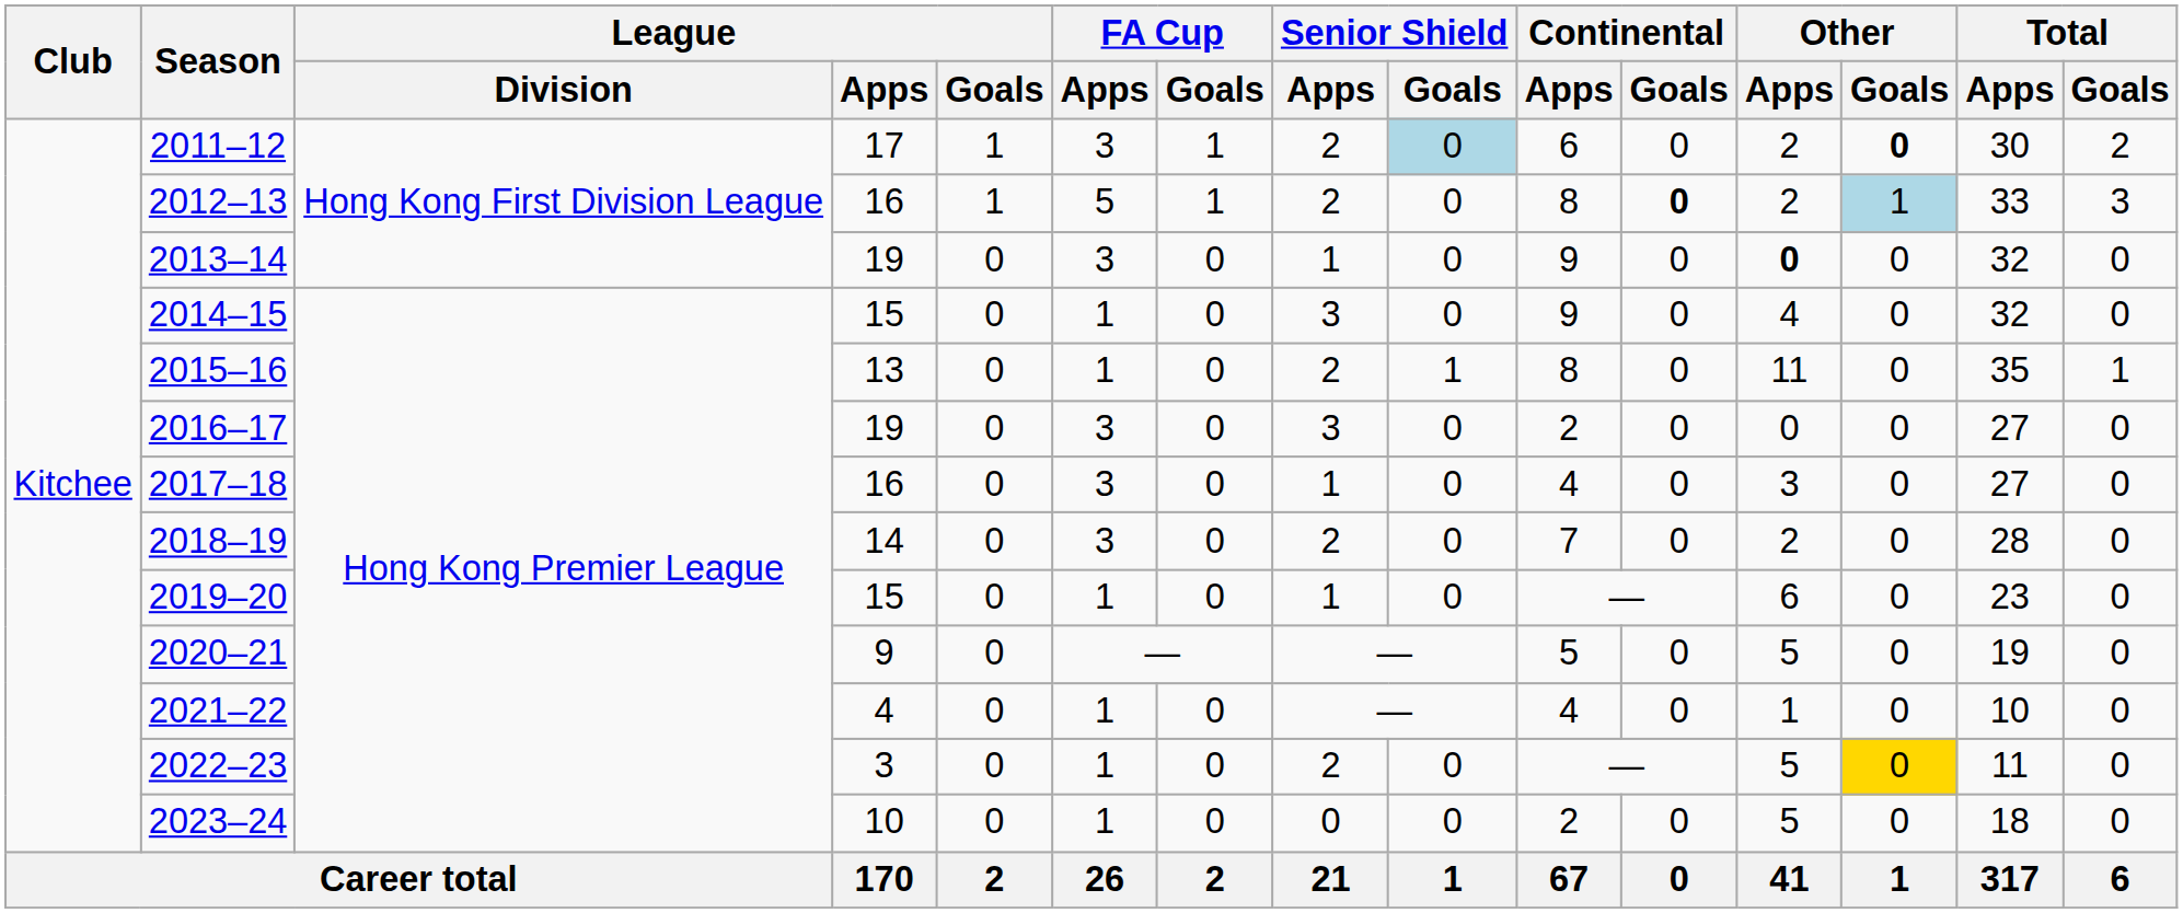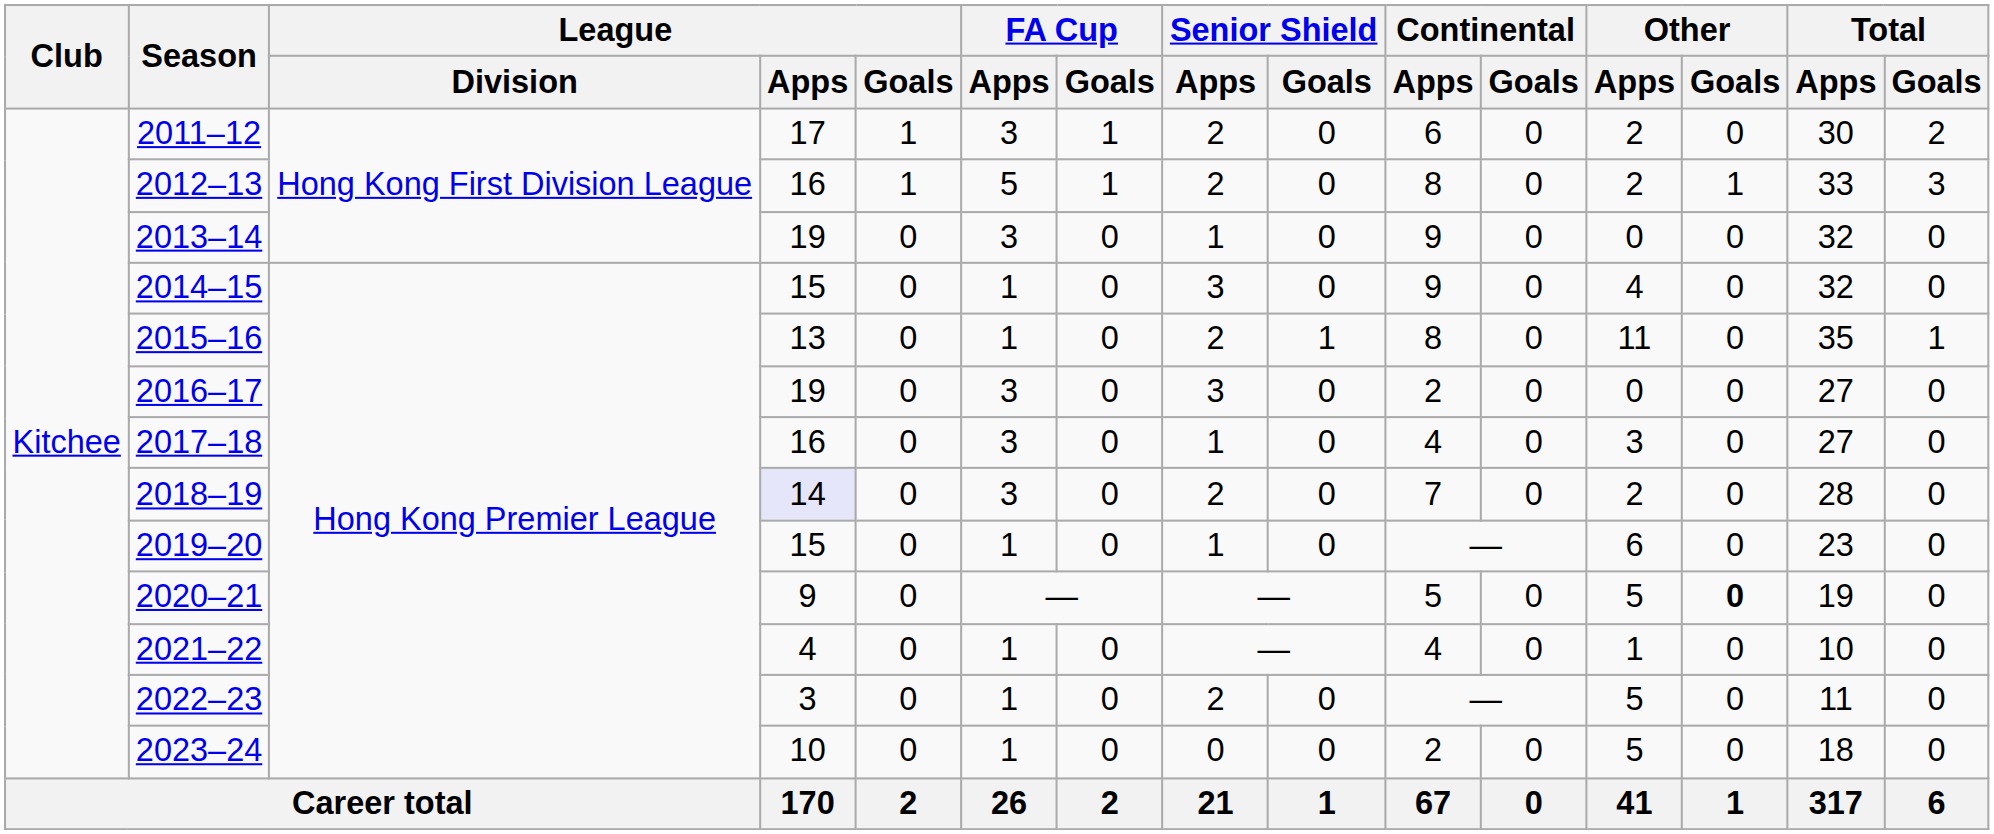 <table class="wikitable" style="text-align: center">
 <tr>
 <th rowspan="2">Club</th>
 <th rowspan="2">Season</th>
 <th colspan="3">League</th>
 <th colspan="2"><a href='#'>FA Cup</a></th>
 <th colspan="2"><a href='#'>Senior Shield</a></th>
 <th colspan="2">Continental</th>
 <th colspan="2">Other</th>
 <th colspan="2">Total</th>
 </tr>
 <tr>
 <th>Division</th>
 <th>Apps</th>
 <th>Goals</th>
 <th>Apps</th>
 <th>Goals</th>
 <th>Apps</th>
 <th>Goals</th>
 <th>Apps</th>
 <th>Goals</th>
 <th>Apps</th>
 <th>Goals</th>
 <th>Apps</th>
 <th>Goals</th>
 </tr>
 <tr>
 <td rowspan="13"><a href='#'>Kitchee</a></td>
 <td><a href='#'>2011–12</a></td>
 <td rowspan="3"><a href='#'>Hong Kong First Division League</a></td>
 <td>17</td>
 <td>1</td>
 <td>3</td>
 <td>1</td>
 <td>2</td>
-<td style="background: lightblue;">0</td>
+<td>0</td>
 <td>6</td>
 <td>0</td>
 <td>2</td>
-<td><strong>0</strong></td>
+<td>0</td>
 <td>30</td>
 <td>2</td>
 </tr>
 <tr>
 <td><a href='#'>2012–13</a></td>
 <td>16</td>
 <td>1</td>
 <td>5</td>
 <td>1</td>
 <td>2</td>
 <td>0</td>
 <td>8</td>
-<td><strong>0</strong></td>
+<td>0</td>
 <td>2</td>
-<td style="background: lightblue;">1</td>
+<td>1</td>
 <td>33</td>
 <td>3</td>
 </tr>
 <tr>
 <td><a href='#'>2013–14</a></td>
 <td>19</td>
 <td>0</td>
 <td>3</td>
 <td>0</td>
 <td>1</td>
 <td>0</td>
 <td>9</td>
 <td>0</td>
-<td><strong>0</strong></td>
+<td>0</td>
 <td>0</td>
 <td>32</td>
 <td>0</td>
 </tr>
 <tr>
 <td><a href='#'>2014–15</a></td>
 <td rowspan="10"><a href='#'>Hong Kong Premier League</a></td>
 <td>15</td>
 <td>0</td>
 <td>1</td>
 <td>0</td>
 <td>3</td>
 <td>0</td>
 <td>9</td>
 <td>0</td>
 <td>4</td>
 <td>0</td>
 <td>32</td>
 <td>0</td>
 </tr>
 <tr>
 <td><a href='#'>2015–16</a></td>
 <td>13</td>
 <td>0</td>
 <td>1</td>
 <td>0</td>
 <td>2</td>
 <td>1</td>
 <td>8</td>
 <td>0</td>
 <td>11</td>
 <td>0</td>
 <td>35</td>
 <td>1</td>
 </tr>
 <tr>
 <td><a href='#'>2016–17</a></td>
 <td>19</td>
 <td>0</td>
 <td>3</td>
 <td>0</td>
 <td>3</td>
 <td>0</td>
 <td>2</td>
 <td>0</td>
 <td>0</td>
 <td>0</td>
 <td>27</td>
 <td>0</td>
 </tr>
 <tr>
 <td><a href='#'>2017–18</a></td>
 <td>16</td>
 <td>0</td>
 <td>3</td>
 <td>0</td>
 <td>1</td>
 <td>0</td>
 <td>4</td>
 <td>0</td>
 <td>3</td>
 <td>0</td>
 <td>27</td>
 <td>0</td>
 </tr>
 <tr>
 <td><a href='#'>2018–19</a></td>
-<td>14</td>
+<td style="background: lavender;">14</td>
 <td>0</td>
 <td>3</td>
 <td>0</td>
 <td>2</td>
 <td>0</td>
 <td>7</td>
 <td>0</td>
 <td>2</td>
 <td>0</td>
 <td>28</td>
 <td>0</td>
 </tr>
 <tr>
 <td><a href='#'>2019–20</a></td>
 <td>15</td>
 <td>0</td>
 <td>1</td>
 <td>0</td>
 <td>1</td>
 <td>0</td>
 <td colspan="2">—</td>
 <td>6</td>
 <td>0</td>
 <td>23</td>
 <td>0</td>
 </tr>
 <tr>
 <td><a href='#'>2020–21</a></td>
 <td>9</td>
 <td>0</td>
 <td colspan="2">—</td>
 <td colspan="2">—</td>
 <td>5</td>
 <td>0</td>
 <td>5</td>
-<td>0</td>
+<td><strong>0</strong></td>
 <td>19</td>
 <td>0</td>
 </tr>
 <tr>
 <td><a href='#'>2021–22</a></td>
 <td>4</td>
 <td>0</td>
 <td>1</td>
 <td>0</td>
 <td colspan="2">—</td>
 <td>4</td>
 <td>0</td>
 <td>1</td>
 <td>0</td>
 <td>10</td>
 <td>0</td>
 </tr>
 <tr>
 <td><a href='#'>2022–23</a></td>
 <td>3</td>
 <td>0</td>
 <td>1</td>
 <td>0</td>
 <td>2</td>
 <td>0</td>
 <td colspan="2">—</td>
 <td>5</td>
-<td style="background: gold;">0</td>
+<td>0</td>
 <td>11</td>
 <td>0</td>
 </tr>
 <tr>
 <td><a href='#'>2023–24</a></td>
 <td>10</td>
 <td>0</td>
 <td>1</td>
 <td>0</td>
 <td>0</td>
 <td>0</td>
 <td>2</td>
 <td>0</td>
 <td>5</td>
 <td>0</td>
 <td>18</td>
 <td>0</td>
 </tr>
 <tr>
 <th colspan="3"><strong>Career total</strong></th>
 <th>170</th>
 <th>2</th>
 <th>26</th>
 <th>2</th>
 <th>21</th>
 <th>1</th>
 <th>67</th>
 <th>0</th>
 <th>41</th>
 <th>1</th>
 <th>317</th>
 <th>6</th>
 </tr>
 </table>
